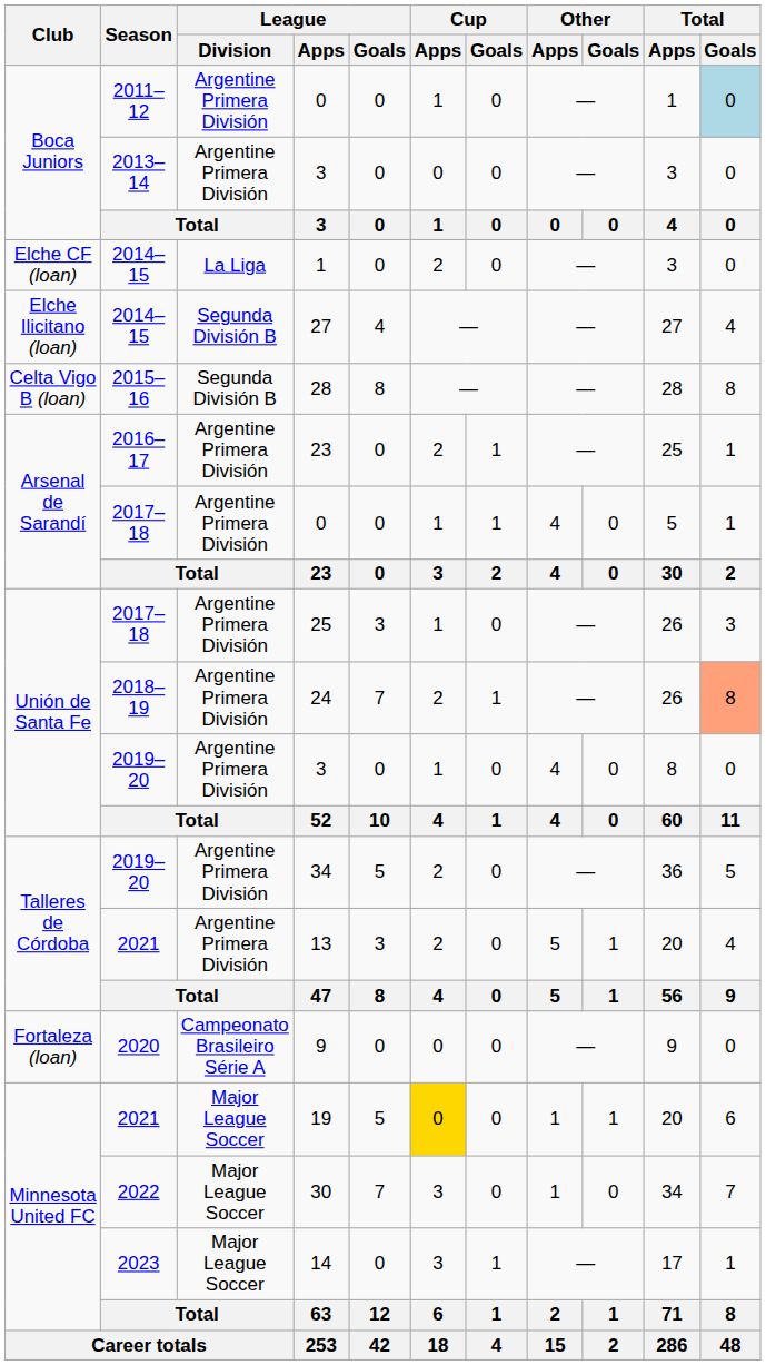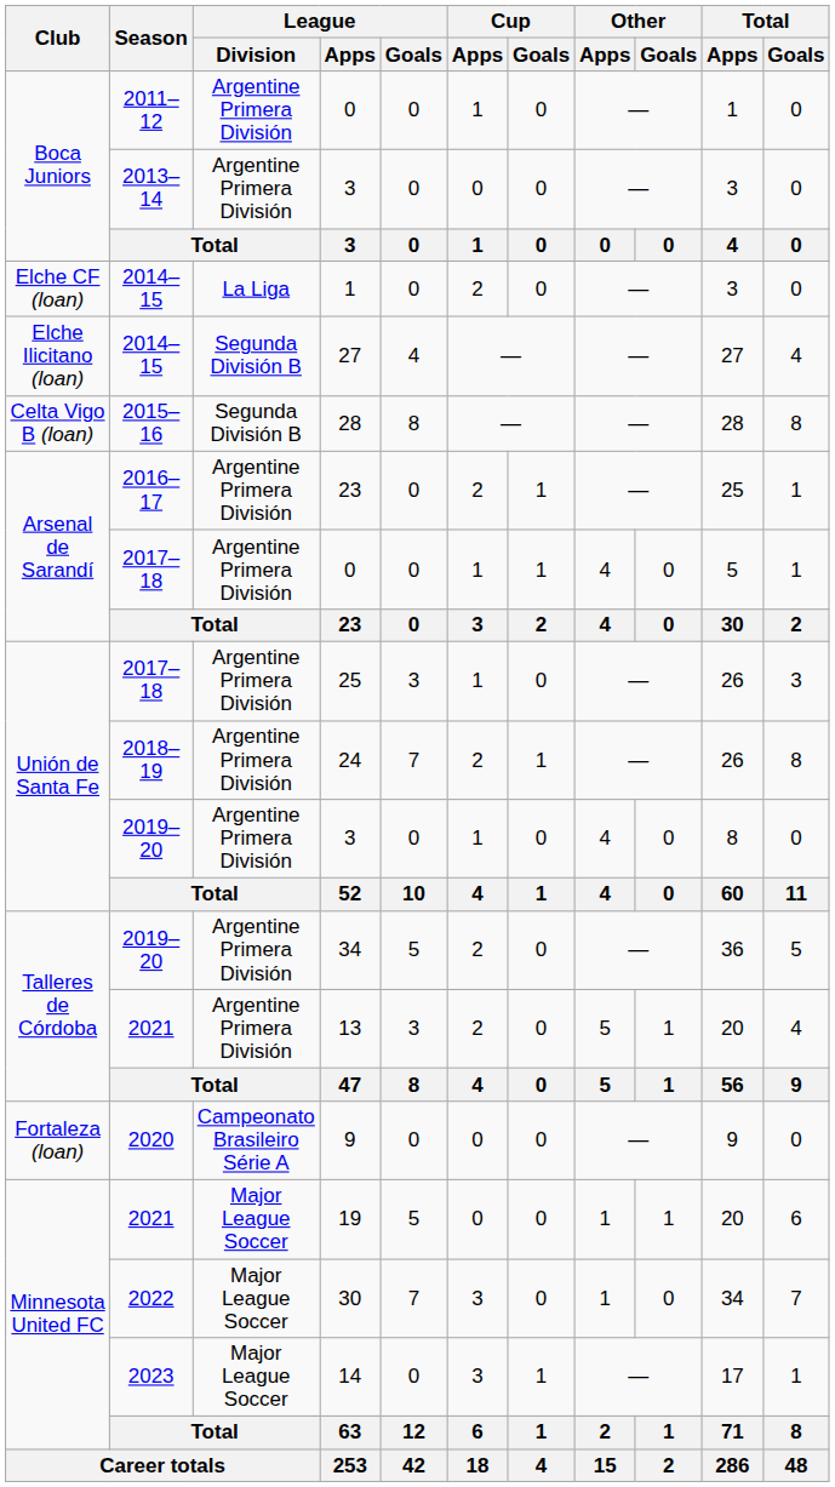 <table class="wikitable" style="text-align:center">
 <tr>
 <th rowspan="2">Club</th>
 <th rowspan="2">Season</th>
 <th colspan="3">League</th>
 <th colspan="2">Cup</th>
 <th colspan="2">Other</th>
 <th colspan="2">Total</th>
 </tr>
 <tr>
 <th>Division</th>
 <th>Apps</th>
 <th>Goals</th>
 <th>Apps</th>
 <th>Goals</th>
 <th>Apps</th>
 <th>Goals</th>
 <th>Apps</th>
 <th>Goals</th>
 </tr>
 <tr>
 <td rowspan="3"><a href='#'>Boca Juniors</a></td>
 <td><a href='#'>2011–12</a></td>
 <td><a href='#'>Argentine Primera División</a></td>
 <td>0</td>
 <td>0</td>
 <td>1</td>
 <td>0</td>
 <td colspan="2">—</td>
 <td>1</td>
-<td style="background: lightblue;">0</td>
+<td>0</td>
 </tr>
 <tr>
 <td><a href='#'>2013–14</a></td>
 <td>Argentine Primera División</td>
 <td>3</td>
 <td>0</td>
 <td>0</td>
 <td>0</td>
 <td colspan="2">—</td>
 <td>3</td>
 <td>0</td>
 </tr>
 <tr>
 <th colspan="2">Total</th>
 <th>3</th>
 <th>0</th>
 <th>1</th>
 <th>0</th>
 <th>0</th>
 <th>0</th>
 <th>4</th>
 <th>0</th>
 </tr>
 <tr>
 <td><a href='#'>Elche CF</a> <em>(loan)</em></td>
 <td><a href='#'>2014–15</a></td>
 <td><a href='#'>La Liga</a></td>
 <td>1</td>
 <td>0</td>
 <td>2</td>
 <td>0</td>
 <td colspan="2">—</td>
 <td>3</td>
 <td>0</td>
 </tr>
 <tr>
 <td><a href='#'>Elche Ilicitano</a> <em>(loan)</em></td>
 <td><a href='#'>2014–15</a></td>
 <td><a href='#'>Segunda División B</a></td>
 <td>27</td>
 <td>4</td>
 <td colspan="2">—</td>
 <td colspan="2">—</td>
 <td>27</td>
 <td>4</td>
 </tr>
 <tr>
 <td><a href='#'>Celta Vigo B</a> <em>(loan)</em></td>
 <td><a href='#'>2015–16</a></td>
 <td>Segunda División B</td>
 <td>28</td>
 <td>8</td>
 <td colspan="2">—</td>
 <td colspan="2">—</td>
 <td>28</td>
 <td>8</td>
 </tr>
 <tr>
 <td rowspan="3"><a href='#'>Arsenal de Sarandí</a></td>
 <td><a href='#'>2016–17</a></td>
 <td>Argentine Primera División</td>
 <td>23</td>
 <td>0</td>
 <td>2</td>
 <td>1</td>
 <td colspan="2">—</td>
 <td>25</td>
 <td>1</td>
 </tr>
 <tr>
 <td><a href='#'>2017–18</a></td>
 <td>Argentine Primera División</td>
 <td>0</td>
 <td>0</td>
 <td>1</td>
 <td>1</td>
 <td>4</td>
 <td>0</td>
 <td>5</td>
 <td>1</td>
 </tr>
 <tr>
 <th colspan="2">Total</th>
 <th>23</th>
 <th>0</th>
 <th>3</th>
 <th>2</th>
 <th>4</th>
 <th>0</th>
 <th>30</th>
 <th>2</th>
 </tr>
 <tr>
 <td rowspan="4"><a href='#'>Unión de Santa Fe</a></td>
 <td><a href='#'>2017–18</a></td>
 <td>Argentine Primera División</td>
 <td>25</td>
 <td>3</td>
 <td>1</td>
 <td>0</td>
 <td colspan="2">—</td>
 <td>26</td>
 <td>3</td>
 </tr>
 <tr>
 <td><a href='#'>2018–19</a></td>
 <td>Argentine Primera División</td>
 <td>24</td>
 <td>7</td>
 <td>2</td>
 <td>1</td>
 <td colspan="2">—</td>
 <td>26</td>
-<td style="background: lightsalmon;">8</td>
+<td>8</td>
 </tr>
 <tr>
 <td><a href='#'>2019–20</a></td>
 <td>Argentine Primera División</td>
 <td>3</td>
 <td>0</td>
 <td>1</td>
 <td>0</td>
 <td>4</td>
 <td>0</td>
 <td>8</td>
 <td>0</td>
 </tr>
 <tr>
 <th colspan="2">Total</th>
 <th>52</th>
 <th>10</th>
 <th>4</th>
 <th>1</th>
 <th>4</th>
 <th>0</th>
 <th>60</th>
 <th>11</th>
 </tr>
 <tr>
 <td rowspan="3"><a href='#'>Talleres de Córdoba</a></td>
 <td><a href='#'>2019–20</a></td>
 <td>Argentine Primera División</td>
 <td>34</td>
 <td>5</td>
 <td>2</td>
 <td>0</td>
 <td colspan="2">—</td>
 <td>36</td>
 <td>5</td>
 </tr>
 <tr>
 <td><a href='#'>2021</a></td>
 <td>Argentine Primera División</td>
 <td>13</td>
 <td>3</td>
 <td>2</td>
 <td>0</td>
 <td>5</td>
 <td>1</td>
 <td>20</td>
 <td>4</td>
 </tr>
 <tr>
 <th colspan="2">Total</th>
 <th>47</th>
 <th>8</th>
 <th>4</th>
 <th>0</th>
 <th>5</th>
 <th>1</th>
 <th>56</th>
 <th>9</th>
 </tr>
 <tr>
 <td><a href='#'>Fortaleza</a> <em>(loan)</em></td>
 <td><a href='#'>2020</a></td>
 <td><a href='#'>Campeonato Brasileiro Série A</a></td>
 <td>9</td>
 <td>0</td>
 <td>0</td>
 <td>0</td>
 <td colspan="2">—</td>
 <td>9</td>
 <td>0</td>
 </tr>
 <tr>
 <td rowspan="4"><a href='#'>Minnesota United FC</a></td>
 <td><a href='#'>2021</a></td>
 <td><a href='#'>Major League Soccer</a></td>
 <td>19</td>
 <td>5</td>
-<td style="background: gold;">0</td>
+<td>0</td>
 <td>0</td>
 <td>1</td>
 <td>1</td>
 <td>20</td>
 <td>6</td>
 </tr>
 <tr>
 <td><a href='#'>2022</a></td>
 <td>Major League Soccer</td>
 <td>30</td>
 <td>7</td>
 <td>3</td>
 <td>0</td>
 <td>1</td>
 <td>0</td>
 <td>34</td>
 <td>7</td>
 </tr>
 <tr>
 <td><a href='#'>2023</a></td>
 <td>Major League Soccer</td>
 <td>14</td>
 <td>0</td>
 <td>3</td>
 <td>1</td>
 <td colspan="2">—</td>
 <td>17</td>
 <td>1</td>
 </tr>
 <tr>
 <th colspan="2">Total</th>
 <th>63</th>
 <th>12</th>
 <th>6</th>
 <th>1</th>
 <th>2</th>
 <th>1</th>
 <th>71</th>
 <th>8</th>
 </tr>
 <tr>
 <th colspan="3">Career totals</th>
 <th>253</th>
 <th>42</th>
 <th>18</th>
 <th>4</th>
 <th>15</th>
 <th>2</th>
 <th>286</th>
 <th>48</th>
 </tr>
 </table>
